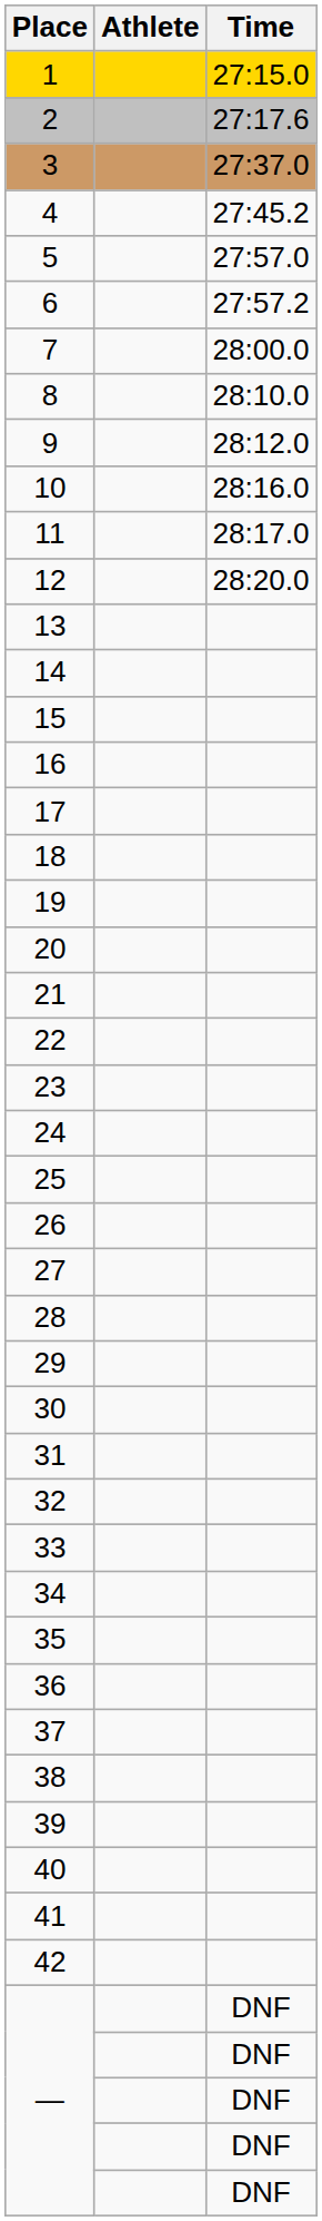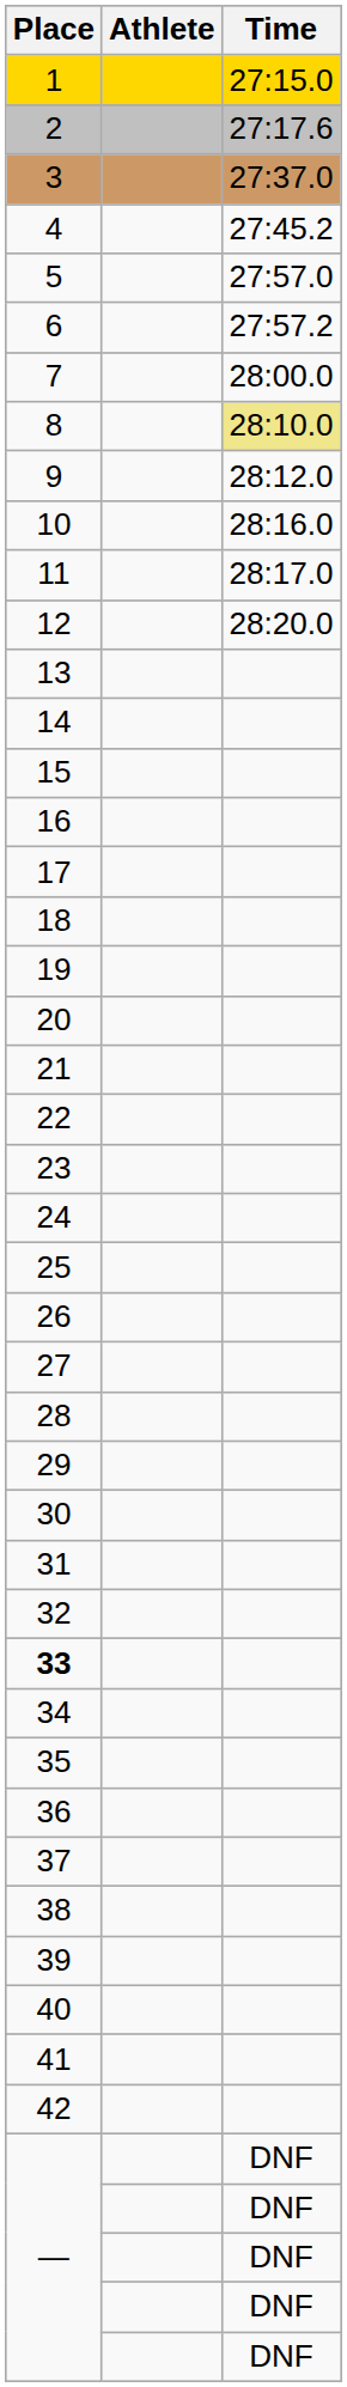 <table class=wikitable style="text-align:center">
 <tr>
 <th>Place</th>
 <th>Athlete</th>
 <th>Time</th>
 </tr>
 <tr bgcolor=gold>
 <td>1</td>
 <td align=left></td>
 <td>27:15.0</td>
 </tr>
 <tr bgcolor=silver>
 <td>2</td>
 <td align=left></td>
 <td>27:17.6</td>
 </tr>
 <tr bgcolor=cc9966>
 <td>3</td>
 <td align=left></td>
 <td>27:37.0</td>
 </tr>
 <tr>
 <td>4</td>
 <td align=left></td>
 <td>27:45.2</td>
 </tr>
 <tr>
 <td>5</td>
 <td align=left></td>
 <td>27:57.0</td>
 </tr>
 <tr>
 <td>6</td>
 <td align=left></td>
 <td>27:57.2</td>
 </tr>
 <tr>
 <td>7</td>
 <td align=left></td>
 <td>28:00.0</td>
 </tr>
 <tr>
 <td>8</td>
 <td align=left></td>
-<td>28:10.0</td>
+<td style="background: khaki;">28:10.0</td>
 </tr>
 <tr>
 <td>9</td>
 <td align=left></td>
 <td>28:12.0</td>
 </tr>
 <tr>
 <td>10</td>
 <td align=left></td>
 <td>28:16.0</td>
 </tr>
 <tr>
 <td>11</td>
 <td align=left></td>
 <td>28:17.0</td>
 </tr>
 <tr>
 <td>12</td>
 <td align=left></td>
 <td>28:20.0</td>
 </tr>
 <tr>
 <td>13</td>
 <td align=left></td>
 <td></td>
 </tr>
 <tr>
 <td>14</td>
 <td align=left></td>
 <td></td>
 </tr>
 <tr>
 <td>15</td>
 <td align=left></td>
 <td></td>
 </tr>
 <tr>
 <td>16</td>
 <td align=left></td>
 <td></td>
 </tr>
 <tr>
 <td>17</td>
 <td align=left></td>
 <td></td>
 </tr>
 <tr>
 <td>18</td>
 <td align=left></td>
 <td></td>
 </tr>
 <tr>
 <td>19</td>
 <td align=left></td>
 <td></td>
 </tr>
 <tr>
 <td>20</td>
 <td align=left></td>
 <td></td>
 </tr>
 <tr>
 <td>21</td>
 <td align=left></td>
 <td></td>
 </tr>
 <tr>
 <td>22</td>
 <td align=left></td>
 <td></td>
 </tr>
 <tr>
 <td>23</td>
 <td align=left></td>
 <td></td>
 </tr>
 <tr>
 <td>24</td>
 <td align=left></td>
 <td></td>
 </tr>
 <tr>
 <td>25</td>
 <td align=left></td>
 <td></td>
 </tr>
 <tr>
 <td>26</td>
 <td align=left></td>
 <td></td>
 </tr>
 <tr>
 <td>27</td>
 <td align=left></td>
 <td></td>
 </tr>
 <tr>
 <td>28</td>
 <td align=left></td>
 <td></td>
 </tr>
 <tr>
 <td>29</td>
 <td align=left></td>
 <td></td>
 </tr>
 <tr>
 <td>30</td>
 <td align=left></td>
 <td></td>
 </tr>
 <tr>
 <td>31</td>
 <td align=left></td>
 <td></td>
 </tr>
 <tr>
 <td>32</td>
 <td align=left></td>
 <td></td>
 </tr>
 <tr>
-<td>33</td>
+<td><strong>33</strong></td>
 <td align=left></td>
 <td></td>
 </tr>
 <tr>
 <td>34</td>
 <td align=left></td>
 <td></td>
 </tr>
 <tr>
 <td>35</td>
 <td align=left></td>
 <td></td>
 </tr>
 <tr>
 <td>36</td>
 <td align=left></td>
 <td></td>
 </tr>
 <tr>
 <td>37</td>
 <td align=left></td>
 <td></td>
 </tr>
 <tr>
 <td>38</td>
 <td align=left></td>
 <td></td>
 </tr>
 <tr>
 <td>39</td>
 <td align=left></td>
 <td></td>
 </tr>
 <tr>
 <td>40</td>
 <td align=left></td>
 <td></td>
 </tr>
 <tr>
 <td>41</td>
 <td align=left></td>
 <td></td>
 </tr>
 <tr>
 <td>42</td>
 <td align=left></td>
 <td></td>
 </tr>
 <tr>
 <td rowspan=5>—</td>
 <td align=left></td>
 <td>DNF</td>
 </tr>
 <tr>
 <td align=left></td>
 <td>DNF</td>
 </tr>
 <tr>
 <td align=left></td>
 <td>DNF</td>
 </tr>
 <tr>
 <td align=left></td>
 <td>DNF</td>
 </tr>
 <tr>
 <td align=left></td>
 <td>DNF</td>
 </tr>
 </table>
